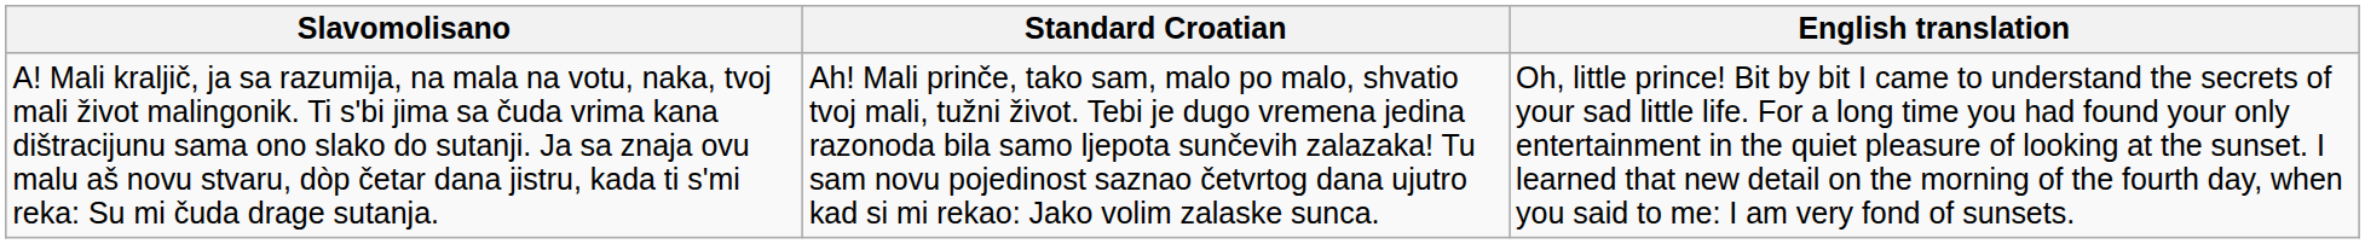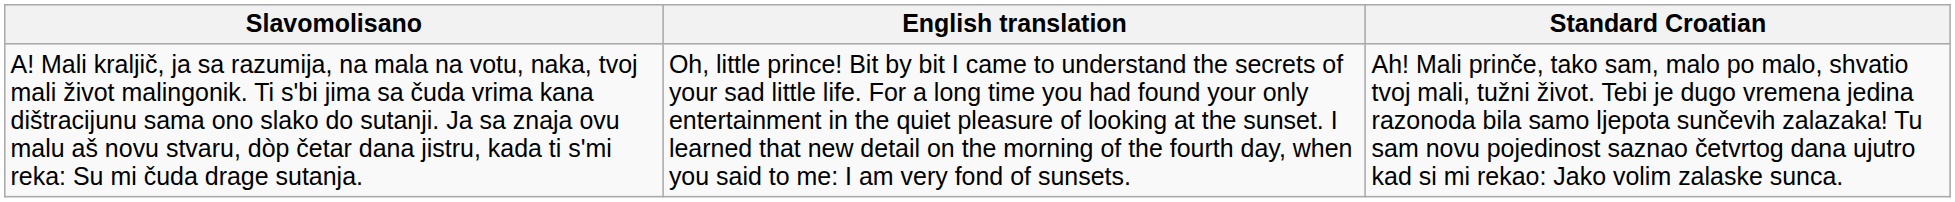 <table class="wikitable" style="font-size: 100%;">
 <tr>
 <th scope="col">Slavomolisano</th>
+<th scope="col">English translation</th>
 <th scope="col">Standard Croatian</th>
-<th scope="col">English translation</th>
 </tr>
 <tr>
 <td>A! Mali kraljič, ja sa razumija, na mala na votu, naka, tvoj mali život malingonik. Ti s'bi jima sa čuda vrima kana dištracijunu sama ono slako do sutanji. Ja sa znaja ovu malu aš novu stvaru, dòp četar dana jistru, kada ti s'mi reka: Su mi čuda drage sutanja.</td>
+<td>Oh, little prince! Bit by bit I came to understand the secrets of your sad little life. For a long time you had found your only entertainment in the quiet pleasure of looking at the sunset. I learned that new detail on the morning of the fourth day, when you said to me: I am very fond of sunsets.</td>
 <td>Ah! Mali prinče, tako sam, malo po malo, shvatio tvoj mali, tužni život. Tebi je dugo vremena jedina razonoda bila samo ljepota sunčevih zalazaka! Tu sam novu pojedinost saznao četvrtog dana ujutro kad si mi rekao: Jako volim zalaske sunca.</td>
-<td>Oh, little prince! Bit by bit I came to understand the secrets of your sad little life. For a long time you had found your only entertainment in the quiet pleasure of looking at the sunset. I learned that new detail on the morning of the fourth day, when you said to me: I am very fond of sunsets.</td>
 </tr>
 </table>
